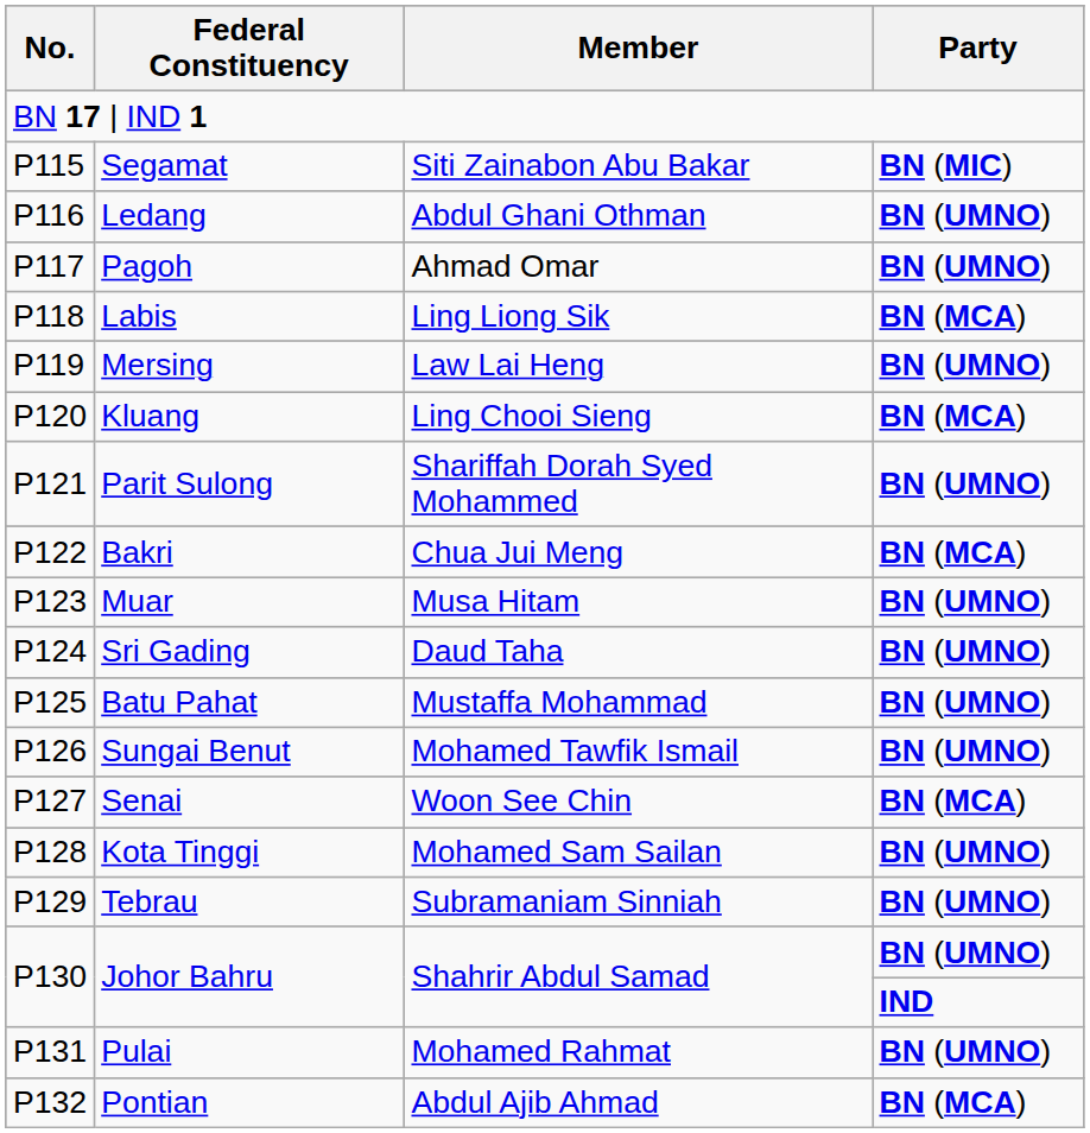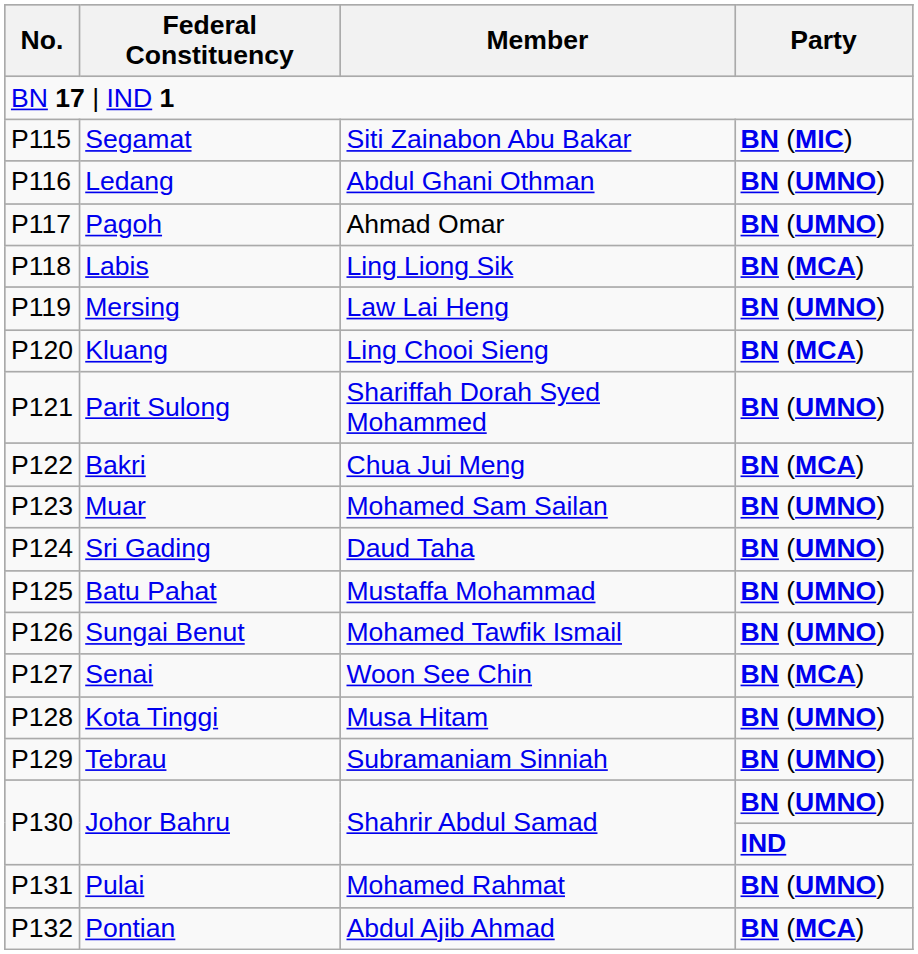 <table class="wikitable sortable">
 <tr>
 <th style="width:30px;">No.</th>
 <th style="width:150px;">Federal Constituency</th>
 <th style="width:230px;">Member</th>
 <th style="width:100px;">Party</th>
 </tr>
 <tr>
 <td colspan="4"><a href='#'>BN</a> <strong>17</strong> | <a href='#'>IND</a> <strong>1</strong></td>
 </tr>
 <tr>
 <td>P115</td>
 <td><a href='#'>Segamat</a></td>
 <td><a href='#'>Siti Zainabon Abu Bakar</a></td>
 <td><strong><a href='#'>BN</a></strong> (<strong><a href='#'>MIC</a></strong>)</td>
 </tr>
 <tr>
 <td>P116</td>
 <td><a href='#'>Ledang</a></td>
 <td><a href='#'>Abdul Ghani Othman</a></td>
 <td><strong><a href='#'>BN</a></strong> (<strong><a href='#'>UMNO</a></strong>)</td>
 </tr>
 <tr>
 <td>P117</td>
 <td><a href='#'>Pagoh</a></td>
 <td>Ahmad Omar</td>
 <td><strong><a href='#'>BN</a></strong> (<strong><a href='#'>UMNO</a></strong>)</td>
 </tr>
 <tr>
 <td>P118</td>
 <td><a href='#'>Labis</a></td>
 <td><a href='#'>Ling Liong Sik</a></td>
 <td><strong><a href='#'>BN</a></strong> (<strong><a href='#'>MCA</a></strong>)</td>
 </tr>
 <tr>
 <td>P119</td>
 <td><a href='#'>Mersing</a></td>
 <td><a href='#'>Law Lai Heng</a></td>
 <td><strong><a href='#'>BN</a></strong> (<strong><a href='#'>UMNO</a></strong>)</td>
 </tr>
 <tr>
 <td>P120</td>
 <td><a href='#'>Kluang</a></td>
 <td><a href='#'>Ling Chooi Sieng</a></td>
 <td><strong><a href='#'>BN</a></strong> (<strong><a href='#'>MCA</a></strong>)</td>
 </tr>
 <tr>
 <td>P121</td>
 <td><a href='#'>Parit Sulong</a></td>
 <td><a href='#'>Shariffah Dorah Syed Mohammed</a></td>
 <td><strong><a href='#'>BN</a></strong> (<strong><a href='#'>UMNO</a></strong>)</td>
 </tr>
 <tr>
 <td>P122</td>
 <td><a href='#'>Bakri</a></td>
 <td><a href='#'>Chua Jui Meng</a></td>
 <td><strong><a href='#'>BN</a></strong> (<strong><a href='#'>MCA</a></strong>)</td>
 </tr>
 <tr>
 <td>P123</td>
 <td><a href='#'>Muar</a></td>
-<td><a href='#'>Musa Hitam</a></td>
+<td><a href='#'>Mohamed Sam Sailan</a></td>
 <td><strong><a href='#'>BN</a></strong> (<strong><a href='#'>UMNO</a></strong>)</td>
 </tr>
 <tr>
 <td>P124</td>
 <td><a href='#'>Sri Gading</a></td>
 <td><a href='#'>Daud Taha</a></td>
 <td><strong><a href='#'>BN</a></strong> (<strong><a href='#'>UMNO</a></strong>)</td>
 </tr>
 <tr>
 <td>P125</td>
 <td><a href='#'>Batu Pahat</a></td>
 <td><a href='#'>Mustaffa Mohammad</a></td>
 <td><strong><a href='#'>BN</a></strong> (<strong><a href='#'>UMNO</a></strong>)</td>
 </tr>
 <tr>
 <td>P126</td>
 <td><a href='#'>Sungai Benut</a></td>
 <td><a href='#'>Mohamed Tawfik Ismail</a></td>
 <td><strong><a href='#'>BN</a></strong> (<strong><a href='#'>UMNO</a></strong>)</td>
 </tr>
 <tr>
 <td>P127</td>
 <td><a href='#'>Senai</a></td>
 <td><a href='#'>Woon See Chin</a></td>
 <td><strong><a href='#'>BN</a></strong> (<strong><a href='#'>MCA</a></strong>)</td>
 </tr>
 <tr>
 <td>P128</td>
 <td><a href='#'>Kota Tinggi</a></td>
-<td><a href='#'>Mohamed Sam Sailan</a></td>
+<td><a href='#'>Musa Hitam</a></td>
 <td><strong><a href='#'>BN</a></strong> (<strong><a href='#'>UMNO</a></strong>)</td>
 </tr>
 <tr>
 <td>P129</td>
 <td><a href='#'>Tebrau</a></td>
 <td><a href='#'>Subramaniam Sinniah</a></td>
 <td><strong><a href='#'>BN</a></strong> (<strong><a href='#'>UMNO</a></strong>)</td>
 </tr>
 <tr>
 <td rowspan=2>P130</td>
 <td rowspan=2><a href='#'>Johor Bahru</a></td>
 <td rowspan=2><a href='#'>Shahrir Abdul Samad</a><br></td>
 <td><strong><a href='#'>BN</a></strong> (<strong><a href='#'>UMNO</a></strong>)</td>
 </tr>
 <tr>
 <td><strong><a href='#'>IND</a></strong></td>
 </tr>
 <tr>
 <td>P131</td>
 <td><a href='#'>Pulai</a></td>
 <td><a href='#'>Mohamed Rahmat</a></td>
 <td><strong><a href='#'>BN</a></strong> (<strong><a href='#'>UMNO</a></strong>)</td>
 </tr>
 <tr>
 <td>P132</td>
 <td><a href='#'>Pontian</a></td>
 <td><a href='#'>Abdul Ajib Ahmad</a></td>
 <td><strong><a href='#'>BN</a></strong> (<strong><a href='#'>MCA</a></strong>)</td>
 </tr>
 </table>
